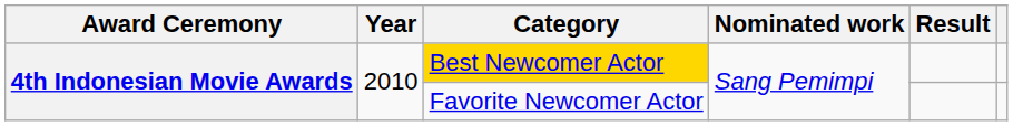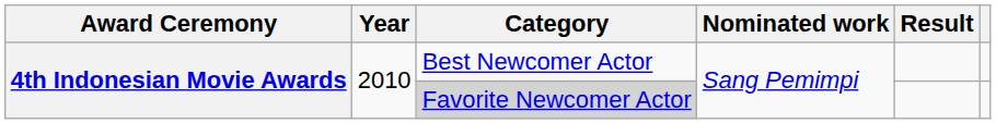 <table class="wikitable plainrowheaders">
 <tr>
 <th scope="col">Award Ceremony</th>
 <th scope="col">Year</th>
 <th scope="col">Category</th>
 <th scope="col">Nominated work</th>
 <th scope="col">Result</th>
 <th scope="col"></th>
 </tr>
 <tr>
 <th scope="row" rowspan="2"><a href='#'>4th Indonesian Movie Awards</a></th>
 <td rowspan="2">2010</td>
-<td style="background: gold;"><a href='#'>Best Newcomer Actor</a></td>
+<td><a href='#'>Best Newcomer Actor</a></td>
 <td rowspan="2"><em><a href='#'>Sang Pemimpi</a></em></td>
 <td></td>
 <td></td>
 </tr>
 <tr>
-<td><a href='#'>Favorite Newcomer Actor</a></td>
+<td style="background: lightgrey;"><a href='#'>Favorite Newcomer Actor</a></td>
 <td></td>
 <td></td>
 </tr>
 </table>
